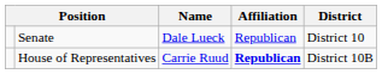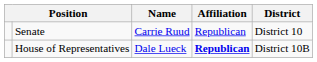 <table class="wikitable">
 <tr>
 <th colspan="2">Position</th>
 <th>Name</th>
 <th>Affiliation</th>
 <th>District</th>
 </tr>
 <tr>
 <td style="background-color:"> </td>
 <td>Senate</td>
-<td><a href='#'>Dale Lueck</a></td>
+<td><a href='#'>Carrie Ruud</a></td>
 <td><a href='#'>Republican</a></td>
 <td>District 10</td>
 </tr>
 <tr>
 <td style="background-color:"> </td>
 <td>House of Representatives</td>
-<td><a href='#'>Carrie Ruud</a></td>
+<td><a href='#'>Dale Lueck</a></td>
 <td><strong><a href='#'>Republican</a></strong></td>
 <td>District 10B</td>
 </tr>
 </table>
